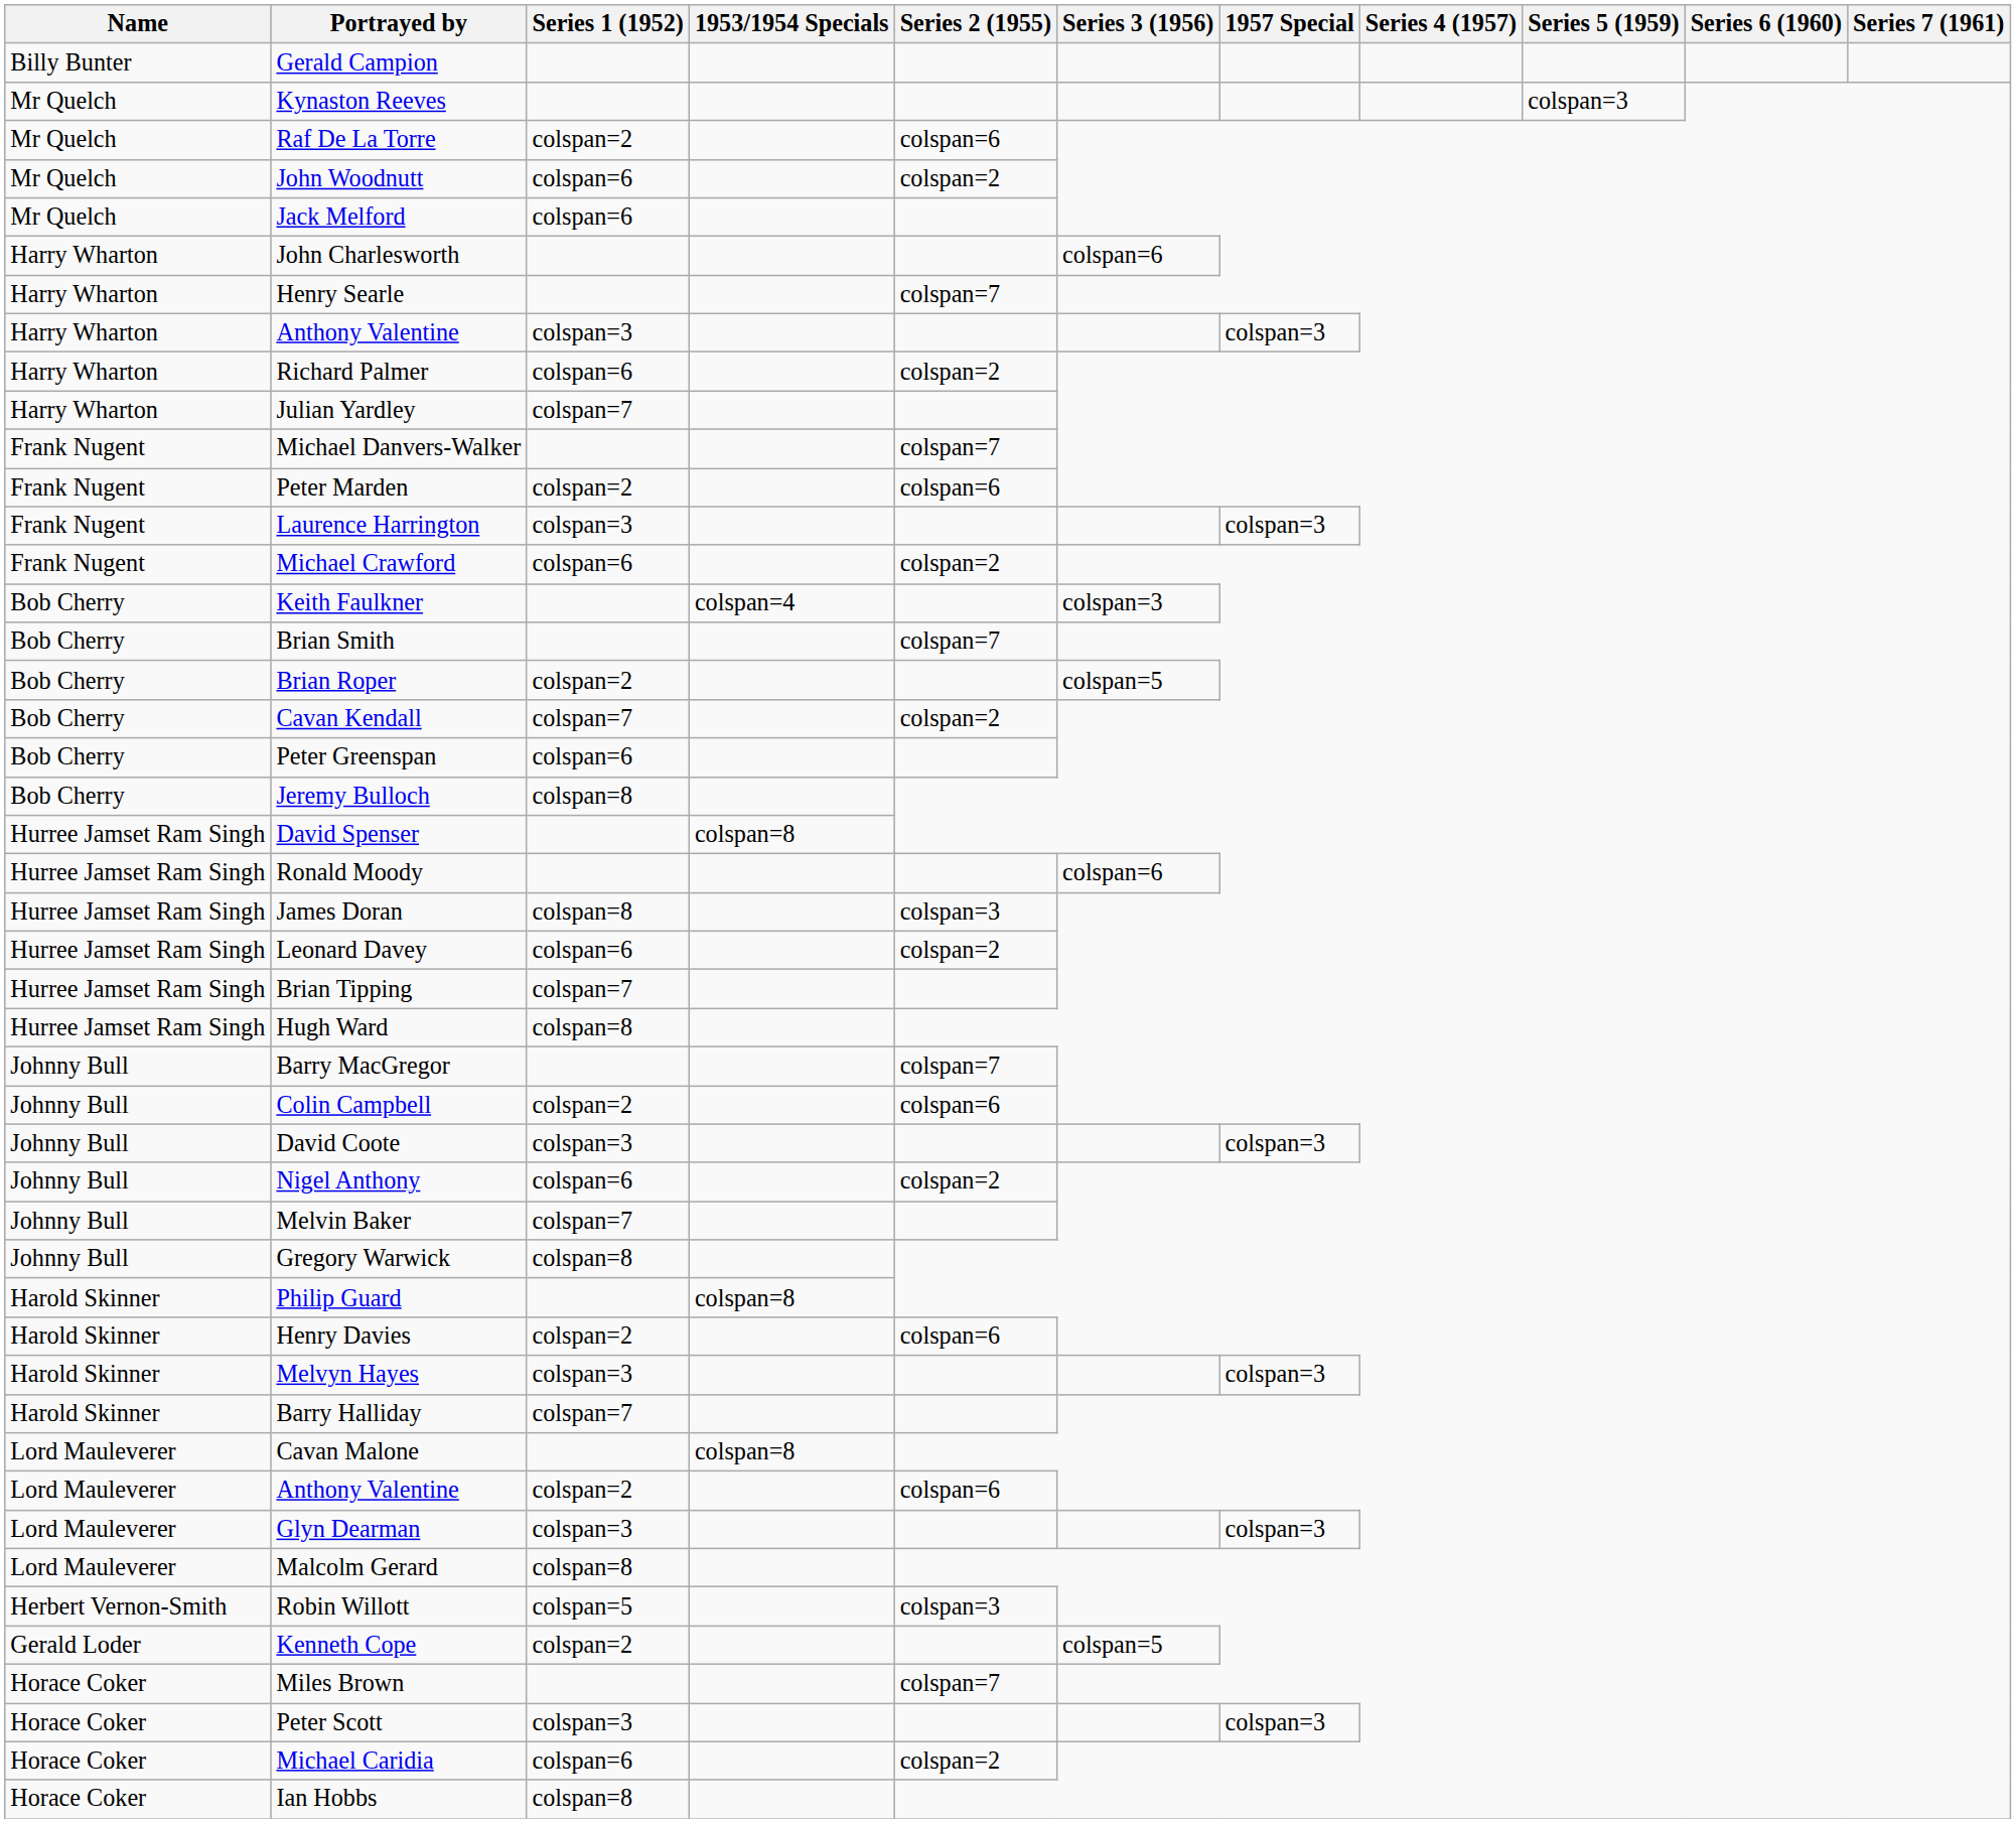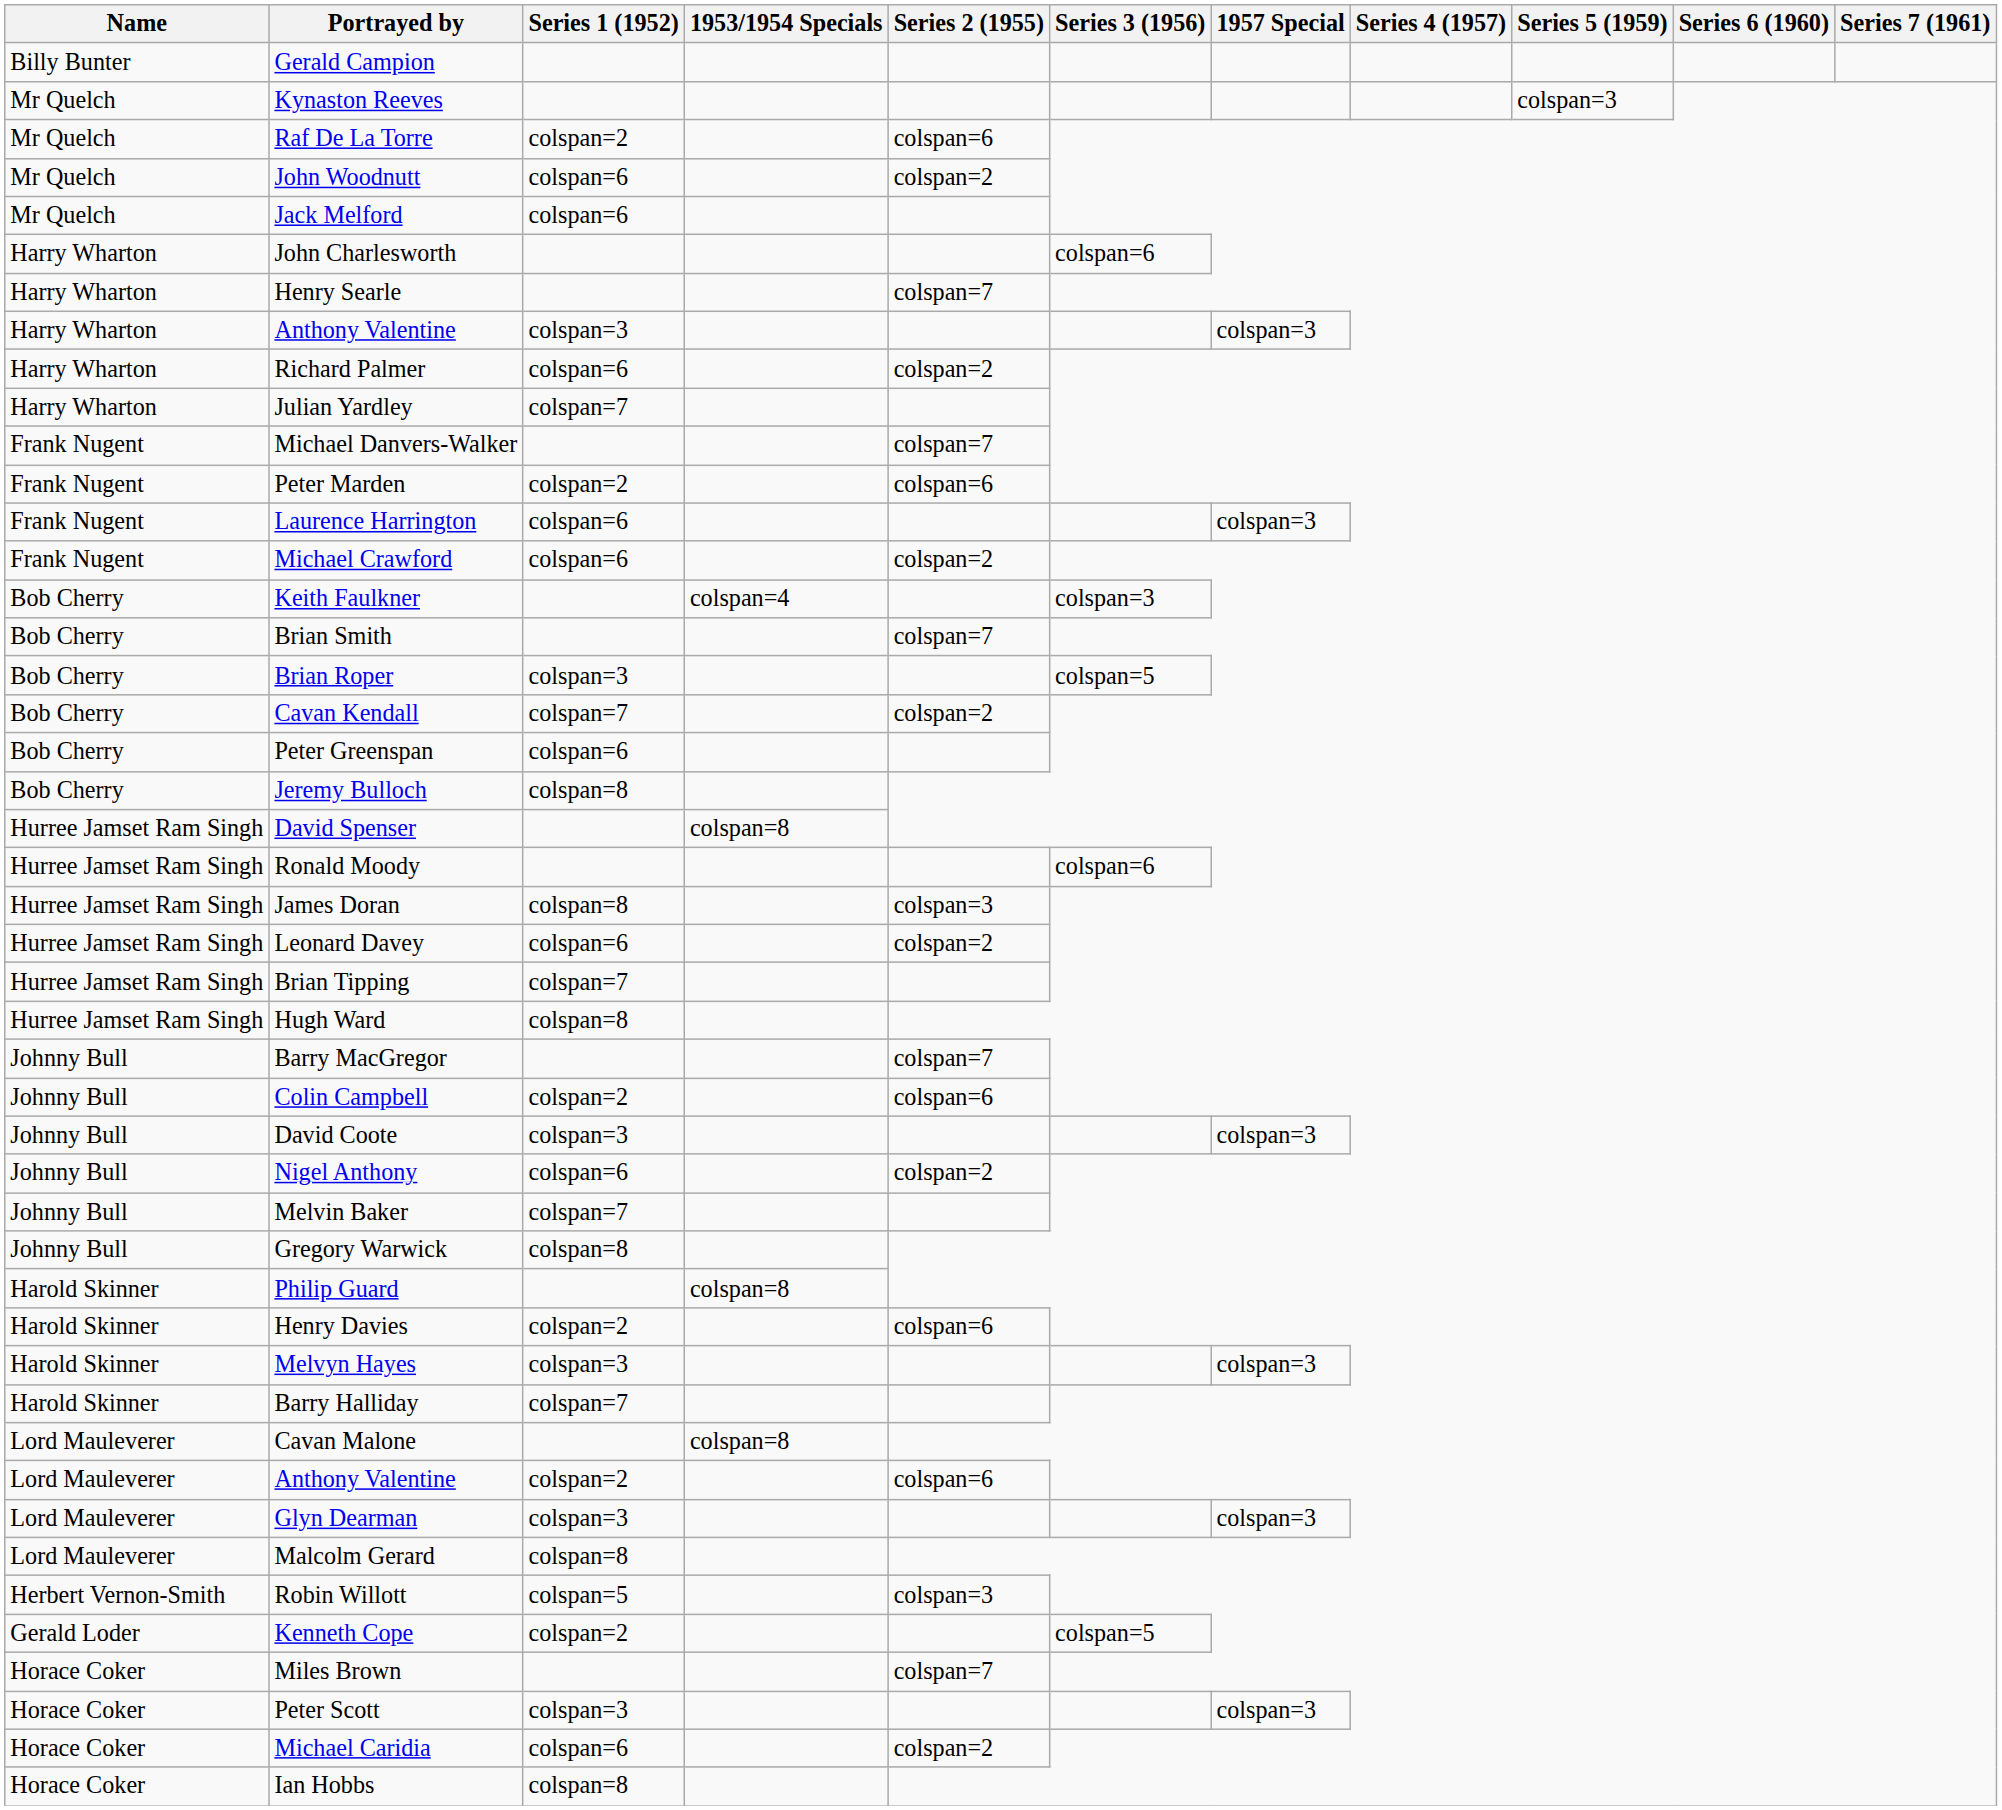 <table class="wikitable sortable">
 <tr>
 <th>Name</th>
 <th>Portrayed by</th>
 <th class="unsortable">Series 1 (1952)</th>
 <th class="unsortable">1953/1954 Specials</th>
 <th class="unsortable">Series 2 (1955)</th>
 <th class="unsortable">Series 3 (1956)</th>
 <th class="unsortable">1957 Special</th>
 <th class="unsortable">Series 4 (1957)</th>
 <th class="unsortable">Series 5 (1959)</th>
 <th class="unsortable">Series 6 (1960)</th>
 <th class="unsortable">Series 7 (1961)</th>
 </tr>
 <tr>
 <td>Billy Bunter</td>
 <td><a href='#'>Gerald Campion</a></td>
 <td></td>
 <td></td>
 <td></td>
 <td></td>
 <td></td>
 <td></td>
 <td></td>
 <td></td>
 <td></td>
 </tr>
 <tr>
 <td>Mr Quelch</td>
 <td><a href='#'>Kynaston Reeves</a></td>
 <td></td>
 <td></td>
 <td></td>
 <td></td>
 <td></td>
 <td></td>
 <td>colspan=3 </td>
 </tr>
 <tr>
 <td>Mr Quelch</td>
 <td><a href='#'>Raf De La Torre</a></td>
 <td>colspan=2 </td>
 <td></td>
 <td>colspan=6 </td>
 </tr>
 <tr>
 <td>Mr Quelch</td>
 <td><a href='#'>John Woodnutt</a></td>
 <td>colspan=6 </td>
 <td></td>
 <td>colspan=2 </td>
 </tr>
 <tr>
 <td>Mr Quelch</td>
 <td><a href='#'>Jack Melford</a></td>
 <td>colspan=6 </td>
 <td></td>
 <td></td>
 </tr>
 <tr>
 <td>Harry Wharton</td>
 <td>John Charlesworth</td>
 <td></td>
 <td></td>
 <td></td>
 <td>colspan=6 </td>
 </tr>
 <tr>
 <td>Harry Wharton</td>
 <td>Henry Searle</td>
 <td></td>
 <td></td>
 <td>colspan=7 </td>
 </tr>
 <tr>
 <td>Harry Wharton</td>
 <td><a href='#'>Anthony Valentine</a></td>
 <td>colspan=3 </td>
 <td></td>
 <td></td>
 <td></td>
 <td>colspan=3 </td>
 </tr>
 <tr>
 <td>Harry Wharton</td>
 <td>Richard Palmer</td>
 <td>colspan=6 </td>
 <td></td>
 <td>colspan=2 </td>
 </tr>
 <tr>
 <td>Harry Wharton</td>
 <td>Julian Yardley</td>
 <td>colspan=7 </td>
 <td></td>
 <td></td>
 </tr>
 <tr>
 <td>Frank Nugent</td>
 <td>Michael Danvers-Walker</td>
 <td></td>
 <td></td>
 <td>colspan=7 </td>
 </tr>
 <tr>
 <td>Frank Nugent</td>
 <td>Peter Marden</td>
 <td>colspan=2 </td>
 <td></td>
 <td>colspan=6 </td>
 </tr>
 <tr>
 <td>Frank Nugent</td>
 <td><a href='#'>Laurence Harrington</a></td>
-<td>colspan=3 </td>
+<td>colspan=6 </td>
 <td></td>
 <td></td>
 <td></td>
 <td>colspan=3 </td>
 </tr>
 <tr>
 <td>Frank Nugent</td>
 <td><a href='#'>Michael Crawford</a></td>
 <td>colspan=6 </td>
 <td></td>
 <td>colspan=2 </td>
 </tr>
 <tr>
 <td>Bob Cherry</td>
 <td><a href='#'>Keith Faulkner</a></td>
 <td></td>
 <td>colspan=4 </td>
 <td></td>
 <td>colspan=3 </td>
 </tr>
 <tr>
 <td>Bob Cherry</td>
 <td>Brian Smith</td>
 <td></td>
 <td></td>
 <td>colspan=7 </td>
 </tr>
 <tr>
 <td>Bob Cherry</td>
 <td><a href='#'>Brian Roper</a></td>
-<td>colspan=2 </td>
+<td>colspan=3 </td>
 <td></td>
 <td></td>
 <td>colspan=5 </td>
 </tr>
 <tr>
 <td>Bob Cherry</td>
 <td><a href='#'>Cavan Kendall</a></td>
 <td>colspan=7 </td>
 <td></td>
 <td>colspan=2 </td>
 </tr>
 <tr>
 <td>Bob Cherry</td>
 <td>Peter Greenspan</td>
 <td>colspan=6 </td>
 <td></td>
 <td></td>
 </tr>
 <tr>
 <td>Bob Cherry</td>
 <td><a href='#'>Jeremy Bulloch</a></td>
 <td>colspan=8 </td>
 <td></td>
 </tr>
 <tr>
 <td>Hurree Jamset Ram Singh</td>
 <td><a href='#'>David Spenser</a></td>
 <td></td>
 <td>colspan=8 </td>
 </tr>
 <tr>
 <td>Hurree Jamset Ram Singh</td>
 <td>Ronald Moody</td>
 <td></td>
 <td></td>
 <td></td>
 <td>colspan=6 </td>
 </tr>
 <tr>
 <td>Hurree Jamset Ram Singh</td>
 <td>James Doran</td>
 <td>colspan=8 </td>
 <td></td>
 <td>colspan=3 </td>
 </tr>
 <tr>
 <td>Hurree Jamset Ram Singh</td>
 <td>Leonard Davey</td>
 <td>colspan=6 </td>
 <td></td>
 <td>colspan=2 </td>
 </tr>
 <tr>
 <td>Hurree Jamset Ram Singh</td>
 <td>Brian Tipping</td>
 <td>colspan=7 </td>
 <td></td>
 <td></td>
 </tr>
 <tr>
 <td>Hurree Jamset Ram Singh</td>
 <td>Hugh Ward</td>
 <td>colspan=8 </td>
 <td></td>
 </tr>
 <tr>
 <td>Johnny Bull</td>
 <td>Barry MacGregor</td>
 <td></td>
 <td></td>
 <td>colspan=7 </td>
 </tr>
 <tr>
 <td>Johnny Bull</td>
 <td><a href='#'>Colin Campbell</a></td>
 <td>colspan=2 </td>
 <td></td>
 <td>colspan=6 </td>
 </tr>
 <tr>
 <td>Johnny Bull</td>
 <td>David Coote</td>
 <td>colspan=3 </td>
 <td></td>
 <td></td>
 <td></td>
 <td>colspan=3 </td>
 </tr>
 <tr>
 <td>Johnny Bull</td>
 <td><a href='#'>Nigel Anthony</a></td>
 <td>colspan=6 </td>
 <td></td>
 <td>colspan=2 </td>
 </tr>
 <tr>
 <td>Johnny Bull</td>
 <td>Melvin Baker</td>
 <td>colspan=7 </td>
 <td></td>
 <td></td>
 </tr>
 <tr>
 <td>Johnny Bull</td>
 <td>Gregory Warwick</td>
 <td>colspan=8 </td>
 <td></td>
 </tr>
 <tr>
 <td>Harold Skinner</td>
 <td><a href='#'>Philip Guard</a></td>
 <td></td>
 <td>colspan=8 </td>
 </tr>
 <tr>
 <td>Harold Skinner</td>
 <td>Henry Davies</td>
 <td>colspan=2 </td>
 <td></td>
 <td>colspan=6 </td>
 </tr>
 <tr>
 <td>Harold Skinner</td>
 <td><a href='#'>Melvyn Hayes</a></td>
 <td>colspan=3 </td>
 <td></td>
 <td></td>
 <td></td>
 <td>colspan=3 </td>
 </tr>
 <tr>
 <td>Harold Skinner</td>
 <td>Barry Halliday</td>
 <td>colspan=7 </td>
 <td></td>
 <td></td>
 </tr>
 <tr>
 <td>Lord Mauleverer</td>
 <td>Cavan Malone</td>
 <td></td>
 <td>colspan=8 </td>
 </tr>
 <tr>
 <td>Lord Mauleverer</td>
 <td><a href='#'>Anthony Valentine</a></td>
 <td>colspan=2 </td>
 <td></td>
 <td>colspan=6 </td>
 </tr>
 <tr>
 <td>Lord Mauleverer</td>
 <td><a href='#'>Glyn Dearman</a></td>
 <td>colspan=3 </td>
 <td></td>
 <td></td>
 <td></td>
 <td>colspan=3 </td>
 </tr>
 <tr>
 <td>Lord Mauleverer</td>
 <td>Malcolm Gerard</td>
 <td>colspan=8 </td>
 <td></td>
 </tr>
 <tr>
 <td>Herbert Vernon-Smith</td>
 <td>Robin Willott</td>
 <td>colspan=5 </td>
 <td></td>
 <td>colspan=3 </td>
 </tr>
 <tr>
 <td>Gerald Loder</td>
 <td><a href='#'>Kenneth Cope</a></td>
 <td>colspan=2 </td>
 <td></td>
 <td></td>
 <td>colspan=5 </td>
 </tr>
 <tr>
 <td>Horace Coker</td>
 <td>Miles Brown</td>
 <td></td>
 <td></td>
 <td>colspan=7 </td>
 </tr>
 <tr>
 <td>Horace Coker</td>
 <td>Peter Scott</td>
 <td>colspan=3 </td>
 <td></td>
 <td></td>
 <td></td>
 <td>colspan=3 </td>
 </tr>
 <tr>
 <td>Horace Coker</td>
 <td><a href='#'>Michael Caridia</a></td>
 <td>colspan=6 </td>
 <td></td>
 <td>colspan=2 </td>
 </tr>
 <tr>
 <td>Horace Coker</td>
 <td>Ian Hobbs</td>
 <td>colspan=8 </td>
 <td></td>
 </tr>
 </table>
